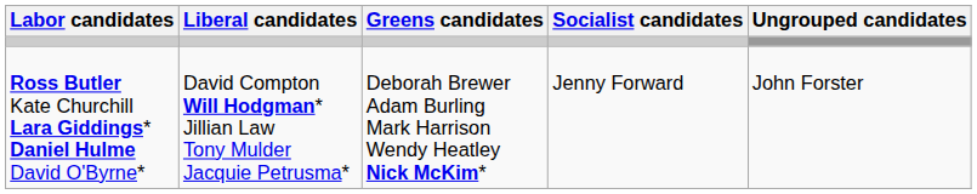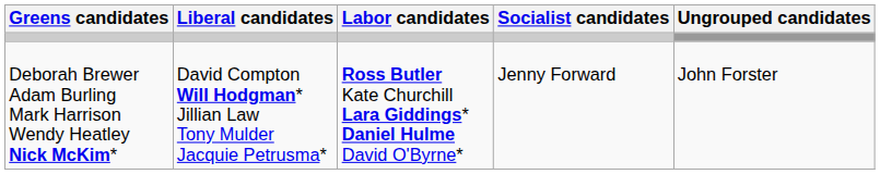 <table class="wikitable">
 <tr>
+<th><a href='#'>Greens</a> candidates</th>
+<th><a href='#'>Liberal</a> candidates</th>
 <th><a href='#'>Labor</a> candidates</th>
-<th><a href='#'>Liberal</a> candidates</th>
-<th><a href='#'>Greens</a> candidates</th>
 <th><a href='#'>Socialist</a> candidates</th>
 <th>Ungrouped candidates</th>
 </tr>
 <tr bgcolor="#cccccc">
 <td></td>
 <td></td>
 <td></td>
 <td></td>
 <td bgcolor="#999999"></td>
 </tr>
 <tr>
+<td><br>Deborah Brewer<br> Adam Burling<br> Mark Harrison<br> Wendy Heatley<br> <strong><a href='#'>Nick McKim</a></strong>*</td>
+<td><br>David Compton<br> <strong><a href='#'>Will Hodgman</a></strong>*<br> Jillian Law<br> <a href='#'>Tony Mulder</a><br> <a href='#'>Jacquie Petrusma</a>*</td>
 <td><br><strong><a href='#'>Ross Butler</a></strong><br> Kate Churchill<br> <strong><a href='#'>Lara Giddings</a></strong>*<br> <strong><a href='#'>Daniel Hulme</a></strong><br> <a href='#'>David O'Byrne</a>*</td>
-<td><br>David Compton<br> <strong><a href='#'>Will Hodgman</a></strong>*<br> Jillian Law<br> <a href='#'>Tony Mulder</a><br> <a href='#'>Jacquie Petrusma</a>*</td>
-<td><br>Deborah Brewer<br> Adam Burling<br> Mark Harrison<br> Wendy Heatley<br> <strong><a href='#'>Nick McKim</a></strong>*</td>
 <td valign=top><br>Jenny Forward<br></td>
 <td valign=top><br>John Forster<br></td>
 </tr>
 </table>
